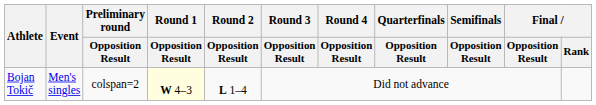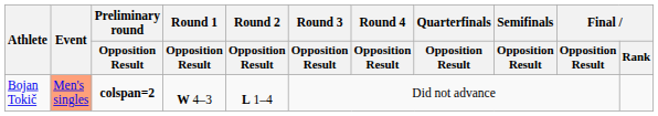 <table class="wikitable" style="font-size:90%">
 <tr>
 <th rowspan="2">Athlete</th>
 <th rowspan="2">Event</th>
 <th>Preliminary round</th>
 <th>Round 1</th>
 <th>Round 2</th>
 <th>Round 3</th>
 <th>Round 4</th>
 <th>Quarterfinals</th>
 <th>Semifinals</th>
 <th colspan=2>Final / </th>
 </tr>
 <tr style="font-size:95%">
 <th>Opposition<br>Result</th>
 <th>Opposition<br>Result</th>
 <th>Opposition<br>Result</th>
 <th>Opposition<br>Result</th>
 <th>Opposition<br>Result</th>
 <th>Opposition<br>Result</th>
 <th>Opposition<br>Result</th>
 <th>Opposition<br>Result</th>
 <th>Rank</th>
 </tr>
 <tr align=center>
 <td align=left><a href='#'>Bojan Tokič</a></td>
-<td align=left><a href='#'>Men's singles</a></td>
-<td>colspan=2 </td>
-<td style="background: lightyellow;"><br><strong>W</strong> 4–3</td>
+<td align=left style="background: lightsalmon;"><a href='#'>Men's singles</a></td>
+<td><strong>colspan=2 </strong></td>
+<td><br><strong>W</strong> 4–3</td>
 <td><br><strong>L</strong> 1–4</td>
 <td colspan=5>Did not advance</td>
 </tr>
 </table>
